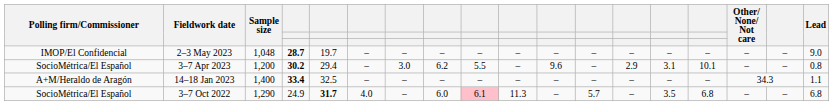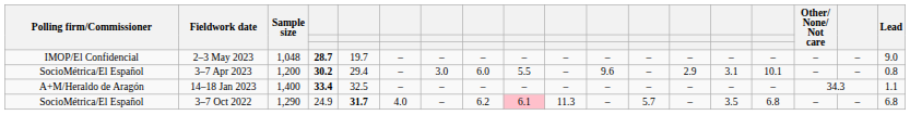 <table class="wikitable collapsible collapsed" style="text-align:center; font-size:90%; line-height:14px;">
 <tr style="height:42px;">
 <th style="width:250px;" rowspan="3">Polling firm/Commissioner</th>
 <th style="width:125px;" rowspan="3">Fieldwork date</th>
 <th style="width:50px;" rowspan="3">Sample size</th>
 <th style="width:35px;"></th>
 <th style="width:55px;"></th>
 <th style="width:55px;"></th>
 <th style="width:55px;"></th>
 <th style="width:55px;"></th>
 <th style="width:55px;"></th>
 <th style="width:55px;"></th>
 <th style="width:55px;"></th>
 <th style="width:55px;"></th>
 <th style="width:55px;"></th>
 <th style="width:55px;"></th>
 <th style="width:55px;"></th>
 <th style="width:55px;" rowspan="3">Other/<br>None/<br>Not<br>care</th>
 <th style="width:55px;" rowspan="3"></th>
 <th style="width:30px;" rowspan="3">Lead</th>
 </tr>
 <tr>
 <th style="color:inherit;background:"></th>
 <th style="color:inherit;background:"></th>
 <th style="color:inherit;background:"></th>
 <th style="color:inherit;background:"></th>
 <th style="color:inherit;background:"></th>
 <th style="color:inherit;background:"></th>
 <th style="color:inherit;background:"></th>
 <th style="color:inherit;background:"></th>
 <th style="color:inherit;background:"></th>
 <th style="color:inherit;background:"></th>
 <th style="color:inherit;background:"></th>
 <th style="color:inherit;background:"></th>
 </tr>
 <tr>
 <th></th>
 <th></th>
 <th></th>
 <th></th>
 <th></th>
 <th></th>
 <th></th>
 <th></th>
 <th></th>
 <th></th>
 <th></th>
 <th></th>
 </tr>
 <tr>
 <td>IMOP/El Confidencial</td>
 <td>2–3 May 2023</td>
 <td>1,048</td>
 <td><strong>28.7</strong></td>
 <td>19.7</td>
 <td>–</td>
 <td>–</td>
 <td>–</td>
 <td>–</td>
 <td>–</td>
 <td>–</td>
 <td>–</td>
 <td>–</td>
 <td>–</td>
 <td>–</td>
 <td>–</td>
 <td>–</td>
 <td style="background:">9.0</td>
 </tr>
 <tr>
 <td>SocioMétrica/El Español</td>
 <td>3–7 Apr 2023</td>
 <td>1,200</td>
 <td><strong>30.2</strong></td>
 <td>29.4</td>
 <td>–</td>
 <td>3.0</td>
-<td>6.2</td>
+<td>6.0</td>
 <td>5.5</td>
 <td>–</td>
 <td>9.6</td>
 <td>–</td>
 <td>2.9</td>
 <td>3.1</td>
 <td>10.1</td>
 <td>–</td>
 <td>–</td>
 <td style="background:">0.8</td>
 </tr>
 <tr>
 <td>A+M/Heraldo de Aragón</td>
 <td>14–18 Jan 2023</td>
 <td>1,400</td>
 <td><strong>33.4</strong></td>
 <td>32.5</td>
 <td>–</td>
 <td>–</td>
 <td>–</td>
 <td>–</td>
 <td>–</td>
 <td>–</td>
 <td>–</td>
 <td>–</td>
 <td>–</td>
 <td>–</td>
 <td colspan="2">34.3</td>
 <td style="background:">1.1</td>
 </tr>
 <tr>
 <td>SocioMétrica/El Español</td>
 <td>3–7 Oct 2022</td>
 <td>1,290</td>
 <td>24.9</td>
 <td><strong>31.7</strong></td>
 <td>4.0</td>
 <td>–</td>
-<td>6.0</td>
+<td>6.2</td>
 <td style="background: pink;">6.1</td>
 <td>11.3</td>
 <td>–</td>
 <td>5.7</td>
 <td>–</td>
 <td>3.5</td>
 <td>6.8</td>
 <td>–</td>
 <td>–</td>
 <td style="background:">6.8</td>
 </tr>
 </table>
